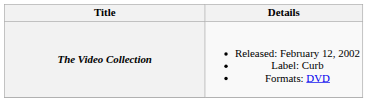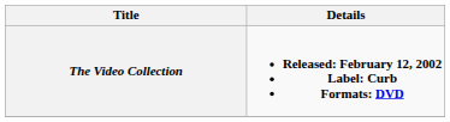 <table class="wikitable plainrowheaders" style="text-align:center">
 <tr>
 <th scope="col" style="width:18em;">Title</th>
 <th scope="col">Details</th>
 </tr>
 <tr>
 <th scope="row"><em>The Video Collection</em></th>
-<td><br><ul><li>Released: February 12, 2002</li><li>Label: Curb</li><li>Formats: <a href='#'>DVD</a></li></ul></td>
+<td><strong><br><ul><li>Released: February 12, 2002</li><li>Label: Curb</li><li>Formats: <a href='#'>DVD</a></li></ul></strong></td>
 </tr>
 <tr>
 </tr>
 </table>
